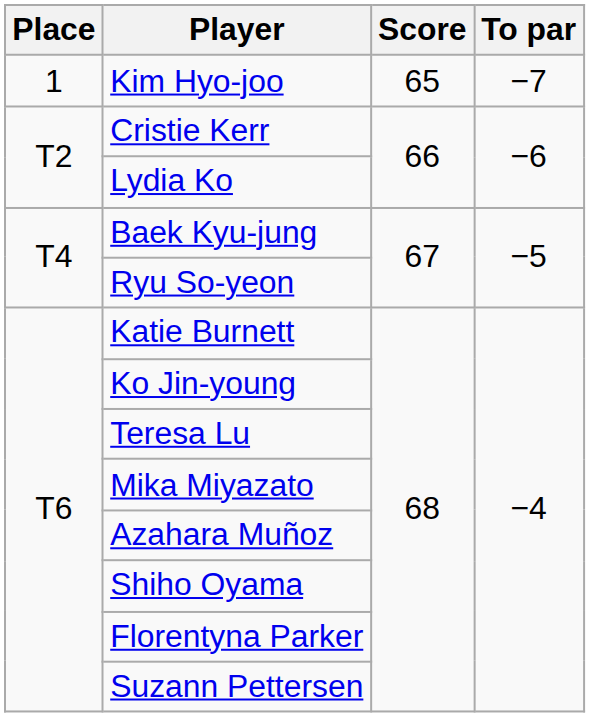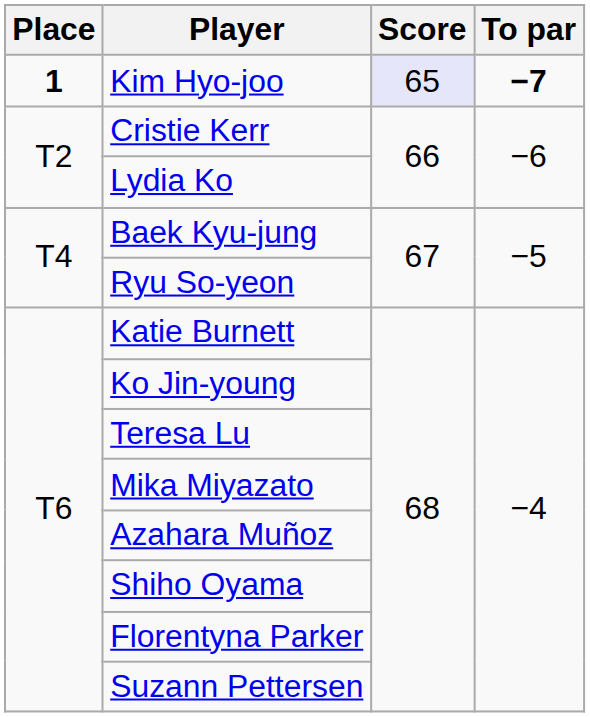 <table class="wikitable">
 <tr>
 <th>Place</th>
 <th>Player</th>
 <th>Score</th>
 <th>To par</th>
 </tr>
 <tr>
-<td align=center>1</td>
+<td align=center><strong>1</strong></td>
 <td> <a href='#'>Kim Hyo-joo</a></td>
-<td align=center>65</td>
-<td align=center>−7</td>
+<td align=center style="background: lavender;">65</td>
+<td align=center><strong>−7</strong></td>
 </tr>
 <tr>
 <td rowspan=2 align=center>T2</td>
 <td> <a href='#'>Cristie Kerr</a></td>
 <td rowspan=2 align=center>66</td>
 <td rowspan=2 align=center>−6</td>
 </tr>
 <tr>
 <td> <a href='#'>Lydia Ko</a></td>
 </tr>
 <tr>
 <td rowspan=2 align=center>T4</td>
 <td> <a href='#'>Baek Kyu-jung</a></td>
 <td rowspan=2 align=center>67</td>
 <td rowspan=2 align=center>−5</td>
 </tr>
 <tr>
 <td> <a href='#'>Ryu So-yeon</a></td>
 </tr>
 <tr>
 <td rowspan=8 align=center>T6</td>
 <td> <a href='#'>Katie Burnett</a></td>
 <td rowspan=8 align=center>68</td>
 <td rowspan=8 align=center>−4</td>
 </tr>
 <tr>
 <td> <a href='#'>Ko Jin-young</a></td>
 </tr>
 <tr>
 <td> <a href='#'>Teresa Lu</a></td>
 </tr>
 <tr>
 <td> <a href='#'>Mika Miyazato</a></td>
 </tr>
 <tr>
 <td> <a href='#'>Azahara Muñoz</a></td>
 </tr>
 <tr>
 <td> <a href='#'>Shiho Oyama</a></td>
 </tr>
 <tr>
 <td> <a href='#'>Florentyna Parker</a></td>
 </tr>
 <tr>
 <td> <a href='#'>Suzann Pettersen</a></td>
 </tr>
 </table>
